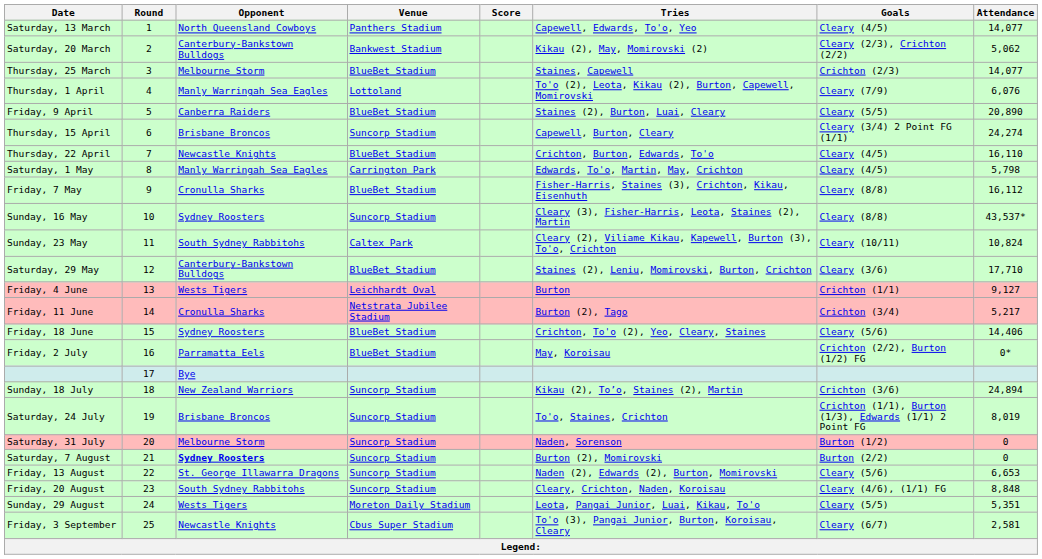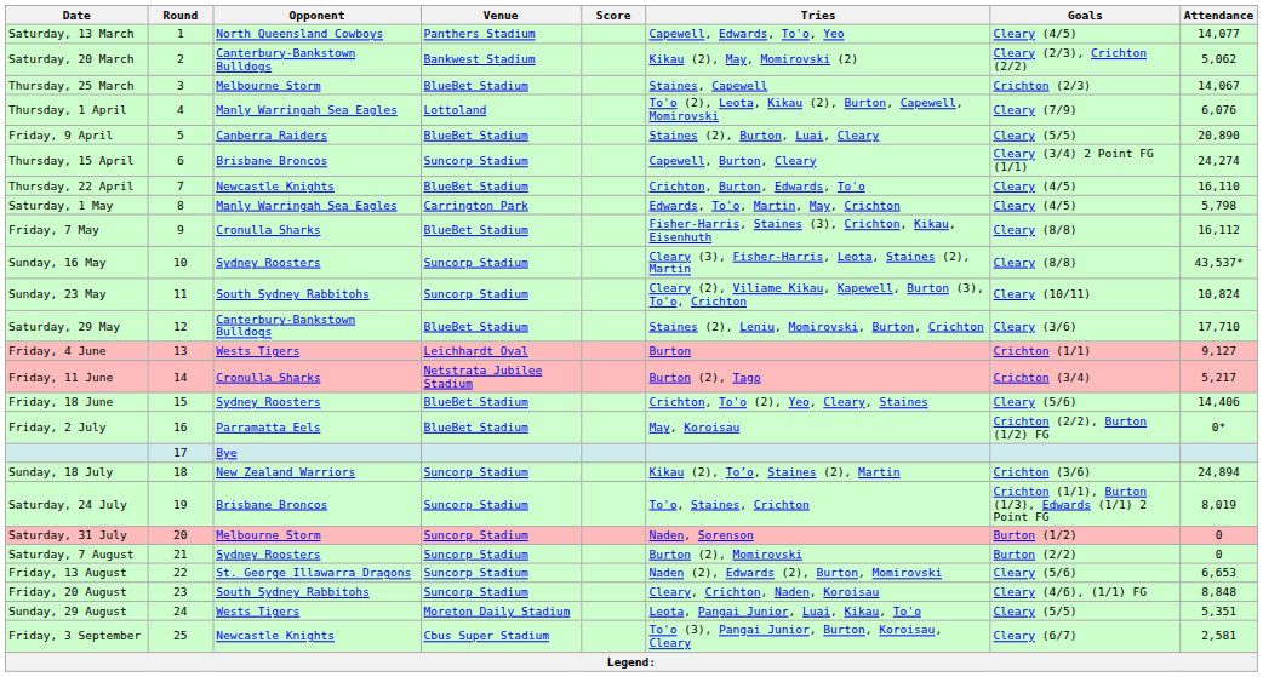 <table class="wikitable" style="font-size:75%;">
 <tr>
 <th style="width:115px;">Date</th>
 <th style="width:50px;">Round</th>
 <th style="width:170px;">Opponent</th>
 <th style="width:130px;">Venue</th>
 <th style="width:50px;">Score</th>
 <th style="width:285px;">Tries</th>
 <th style="width:155px;">Goals</th>
 <th style="width:60px;">Attendance</th>
 </tr>
 <tr style="background:#CCFFCC">
 <td>Saturday, 13 March</td>
 <td style="text-align:center;">1</td>
 <td> <a href='#'>North Queensland Cowboys</a></td>
 <td><a href='#'>Panthers Stadium</a></td>
 <td style="text-align:center;"></td>
 <td><a href='#'>Capewell</a>, <a href='#'>Edwards</a>, <a href='#'>To'o</a>, <a href='#'>Yeo</a></td>
 <td><a href='#'>Cleary</a> (4/5)</td>
 <td style="text-align:center;">14,077</td>
 </tr>
 <tr style="background:#CCFFCC">
 <td>Saturday, 20 March</td>
 <td style="text-align:center;">2</td>
 <td> <a href='#'>Canterbury-Bankstown Bulldogs</a></td>
 <td><a href='#'>Bankwest Stadium</a></td>
 <td style="text-align:center;"></td>
 <td><a href='#'>Kikau</a> (2), <a href='#'>May</a>, <a href='#'>Momirovski</a> (2)</td>
 <td><a href='#'>Cleary</a> (2/3), <a href='#'>Crichton</a> (2/2)</td>
 <td style="text-align:center;">5,062</td>
 </tr>
 <tr style="background:#CCFFCC">
 <td>Thursday, 25 March</td>
 <td style="text-align:center;">3</td>
 <td> <a href='#'>Melbourne Storm</a></td>
 <td><a href='#'>BlueBet Stadium</a></td>
 <td style="text-align:center;"></td>
 <td><a href='#'>Staines</a>, <a href='#'>Capewell</a></td>
 <td><a href='#'>Crichton</a> (2/3)</td>
-<td style="text-align:center;">14,077</td>
+<td style="text-align:center;">14,067</td>
 </tr>
 <tr style="background:#CCFFCC">
 <td>Thursday, 1 April</td>
 <td style="text-align:center;">4</td>
 <td> <a href='#'>Manly Warringah Sea Eagles</a></td>
 <td><a href='#'>Lottoland</a></td>
 <td style="text-align:center;"></td>
 <td><a href='#'>To'o</a> (2), <a href='#'>Leota</a>, <a href='#'>Kikau</a> (2), <a href='#'>Burton</a>, <a href='#'>Capewell</a>, <a href='#'>Momirovski</a></td>
 <td><a href='#'>Cleary</a> (7/9)</td>
 <td style="text-align:center;">6,076</td>
 </tr>
 <tr style="background:#CCFFCC">
 <td>Friday, 9 April</td>
 <td style="text-align:center;">5</td>
 <td> <a href='#'>Canberra Raiders</a></td>
 <td><a href='#'>BlueBet Stadium</a></td>
 <td style="text-align:center;"></td>
 <td><a href='#'>Staines</a> (2), <a href='#'>Burton</a>, <a href='#'>Luai</a>, <a href='#'>Cleary</a></td>
 <td><a href='#'>Cleary</a> (5/5)</td>
 <td style="text-align:center;">20,890</td>
 </tr>
 <tr style="background:#CCFFCC">
 <td>Thursday, 15 April</td>
 <td style="text-align:center;">6</td>
 <td> <a href='#'>Brisbane Broncos</a></td>
 <td><a href='#'>Suncorp Stadium</a></td>
 <td style="text-align:center;"></td>
 <td><a href='#'>Capewell</a>, <a href='#'>Burton</a>, <a href='#'>Cleary</a></td>
 <td><a href='#'>Cleary</a> (3/4) 2 Point FG (1/1)</td>
 <td style="text-align:center;">24,274</td>
 </tr>
 <tr style="background:#CCFFCC">
 <td>Thursday, 22 April</td>
 <td style="text-align:center;">7</td>
 <td> <a href='#'>Newcastle Knights</a></td>
 <td><a href='#'>BlueBet Stadium</a></td>
 <td style="text-align:center;"></td>
 <td><a href='#'>Crichton</a>, <a href='#'>Burton</a>, <a href='#'>Edwards</a>, <a href='#'>To'o</a></td>
 <td><a href='#'>Cleary</a> (4/5)</td>
 <td style="text-align:center;">16,110</td>
 </tr>
 <tr style="background:#CCFFCC">
 <td>Saturday, 1 May</td>
 <td style="text-align:center;">8</td>
 <td> <a href='#'>Manly Warringah Sea Eagles</a></td>
 <td><a href='#'>Carrington Park</a></td>
 <td style="text-align:center;"></td>
 <td><a href='#'>Edwards</a>, <a href='#'>To'o</a>, <a href='#'>Martin</a>, <a href='#'>May</a>, <a href='#'>Crichton</a></td>
 <td><a href='#'>Cleary</a> (4/5)</td>
 <td style="text-align:center;">5,798</td>
 </tr>
 <tr style="background:#CCFFCC">
 <td>Friday, 7 May</td>
 <td style="text-align:center;">9</td>
 <td> <a href='#'>Cronulla Sharks</a></td>
 <td><a href='#'>BlueBet Stadium</a></td>
 <td style="text-align:center;"></td>
 <td><a href='#'>Fisher-Harris</a>, <a href='#'>Staines</a> (3), <a href='#'>Crichton</a>, <a href='#'>Kikau</a>, <a href='#'>Eisenhuth</a></td>
 <td><a href='#'>Cleary</a> (8/8)</td>
 <td style="text-align:center;">16,112</td>
 </tr>
 <tr style="background:#CCFFCC">
 <td>Sunday, 16 May</td>
 <td style="text-align:center;">10</td>
 <td> <a href='#'>Sydney Roosters</a></td>
 <td><a href='#'>Suncorp Stadium</a></td>
 <td style="text-align:center;"></td>
 <td><a href='#'>Cleary</a> (3), <a href='#'>Fisher-Harris</a>, <a href='#'>Leota</a>, <a href='#'>Staines</a> (2), <a href='#'>Martin</a></td>
 <td><a href='#'>Cleary</a> (8/8)</td>
 <td style="text-align:center;">43,537*</td>
 </tr>
 <tr style="background:#CCFFCC">
 <td>Sunday, 23 May</td>
 <td style="text-align:center;">11</td>
 <td> <a href='#'>South Sydney Rabbitohs</a></td>
-<td><a href='#'>Caltex Park</a></td>
+<td><a href='#'>Suncorp Stadium</a></td>
 <td style="text-align:center;"></td>
 <td><a href='#'>Cleary</a> (2), <a href='#'>Viliame Kikau</a>, <a href='#'>Kapewell</a>, <a href='#'>Burton</a> (3), <a href='#'>To'o</a>, <a href='#'>Crichton</a></td>
 <td><a href='#'>Cleary</a> (10/11)</td>
 <td style="text-align:center;">10,824</td>
 </tr>
 <tr style="background:#CCFFCC">
 <td>Saturday, 29 May</td>
 <td style="text-align:center;">12</td>
 <td> <a href='#'>Canterbury-Bankstown Bulldogs</a></td>
 <td><a href='#'>BlueBet Stadium</a></td>
 <td style="text-align:center;"></td>
 <td><a href='#'>Staines</a> (2), <a href='#'>Leniu</a>, <a href='#'>Momirovski</a>, <a href='#'>Burton</a>, <a href='#'>Crichton</a></td>
 <td><a href='#'>Cleary</a> (3/6)</td>
 <td style="text-align:center;">17,710</td>
 </tr>
 <tr style="background:#FFBBBB">
 <td>Friday, 4 June</td>
 <td style="text-align:center;">13</td>
 <td> <a href='#'>Wests Tigers</a></td>
 <td><a href='#'>Leichhardt Oval</a></td>
 <td style="text-align:center;"></td>
 <td><a href='#'>Burton</a></td>
 <td><a href='#'>Crichton</a> (1/1)</td>
 <td style="text-align:center;">9,127</td>
 </tr>
 <tr style="background:#FFBBBB">
 <td>Friday, 11 June</td>
 <td style="text-align:center;">14</td>
 <td> <a href='#'>Cronulla Sharks</a></td>
 <td><a href='#'>Netstrata Jubilee Stadium</a></td>
 <td style="text-align:center;"></td>
 <td><a href='#'>Burton</a> (2), <a href='#'>Tago</a></td>
 <td><a href='#'>Crichton</a> (3/4)</td>
 <td style="text-align:center;">5,217</td>
 </tr>
 <tr style="background:#CCFFCC">
 <td>Friday, 18 June</td>
 <td style="text-align:center;">15</td>
 <td> <a href='#'>Sydney Roosters</a></td>
 <td><a href='#'>BlueBet Stadium</a></td>
 <td style="text-align:center;"></td>
 <td><a href='#'>Crichton</a>, <a href='#'>To'o</a> (2), <a href='#'>Yeo</a>, <a href='#'>Cleary</a>, <a href='#'>Staines</a></td>
 <td><a href='#'>Cleary</a> (5/6)</td>
 <td style="text-align:center;">14,406</td>
 </tr>
 <tr style="background:#CCFFCC">
 <td>Friday, 2 July</td>
 <td style="text-align:center;">16</td>
 <td> <a href='#'>Parramatta Eels</a></td>
 <td><a href='#'>BlueBet Stadium</a></td>
 <td style="text-align:center;"></td>
 <td><a href='#'>May</a>, <a href='#'>Koroisau</a></td>
 <td><a href='#'>Crichton</a> (2/2), <a href='#'>Burton</a> (1/2) FG</td>
 <td style="text-align:center;">0*</td>
 </tr>
 <tr bgcolor= #CFECEC>
 <td></td>
 <td style="text-align:center;">17</td>
 <td><a href='#'>Bye</a></td>
 <td></td>
 <td></td>
 <td></td>
 <td></td>
 <td></td>
 </tr>
 <tr style="background:#CCFFCC">
 <td>Sunday, 18 July</td>
 <td style="text-align:center;">18</td>
 <td> <a href='#'>New Zealand Warriors</a></td>
 <td><a href='#'>Suncorp Stadium</a></td>
 <td style="text-align:center;"></td>
 <td><a href='#'>Kikau</a> (2), <a href='#'>To’o</a>, <a href='#'>Staines</a> (2), <a href='#'>Martin</a></td>
 <td><a href='#'>Crichton</a> (3/6)</td>
 <td style="text-align:center;">24,894</td>
 </tr>
 <tr style="background:#CCFFCC">
 <td>Saturday, 24 July</td>
 <td style="text-align:center;">19</td>
 <td> <a href='#'>Brisbane Broncos</a></td>
 <td><a href='#'>Suncorp Stadium</a></td>
 <td style="text-align:center;"></td>
 <td><a href='#'>To'o</a>, <a href='#'>Staines</a>, <a href='#'>Crichton</a></td>
 <td><a href='#'>Crichton</a> (1/1), <a href='#'>Burton</a> (1/3), <a href='#'>Edwards</a> (1/1) 2 Point FG</td>
 <td style="text-align:center;">8,019</td>
 </tr>
 <tr style="background:#FFBBBB">
 <td>Saturday, 31 July</td>
 <td style="text-align:center;">20</td>
 <td> <a href='#'>Melbourne Storm</a></td>
 <td><a href='#'>Suncorp Stadium</a></td>
 <td style="text-align:center;"></td>
 <td><a href='#'>Naden</a>, <a href='#'>Sorenson</a></td>
 <td><a href='#'>Burton</a> (1/2)</td>
 <td style="text-align:center;">0</td>
 </tr>
 <tr style="background:#CCFFCC">
 <td>Saturday, 7 August</td>
 <td style="text-align:center;">21</td>
-<td><strong> <a href='#'>Sydney Roosters</a></strong></td>
+<td> <a href='#'>Sydney Roosters</a></td>
 <td><a href='#'>Suncorp Stadium</a></td>
 <td style="text-align:center;"></td>
 <td><a href='#'>Burton</a> (2), <a href='#'>Momirovski</a></td>
 <td><a href='#'>Burton</a> (2/2)</td>
 <td style="text-align:center;">0</td>
 </tr>
 <tr style="background:#CCFFCC">
 <td>Friday, 13 August</td>
 <td style="text-align:center;">22</td>
 <td> <a href='#'>St. George Illawarra Dragons</a></td>
 <td><a href='#'>Suncorp Stadium</a></td>
 <td style="text-align:center;"></td>
 <td><a href='#'>Naden</a> (2), <a href='#'>Edwards</a> (2), <a href='#'>Burton</a>, <a href='#'>Momirovski</a></td>
 <td><a href='#'>Cleary</a> (5/6)</td>
 <td style="text-align:center;">6,653</td>
 </tr>
 <tr style="background:#CCFFCC">
 <td>Friday, 20 August</td>
 <td style="text-align:center;">23</td>
 <td> <a href='#'>South Sydney Rabbitohs</a></td>
 <td><a href='#'>Suncorp Stadium</a></td>
 <td style="text-align:center;"></td>
 <td><a href='#'>Cleary</a>, <a href='#'>Crichton</a>, <a href='#'>Naden</a>, <a href='#'>Koroisau</a></td>
 <td><a href='#'>Cleary</a> (4/6), (1/1) FG</td>
 <td style="text-align:center;">8,848</td>
 </tr>
 <tr style="background:#CCFFCC">
 <td>Sunday, 29 August</td>
 <td style="text-align:center;">24</td>
 <td> <a href='#'>Wests Tigers</a></td>
 <td><a href='#'>Moreton Daily Stadium</a></td>
 <td style="text-align:center;"></td>
 <td><a href='#'>Leota</a>, <a href='#'>Pangai Junior</a>, <a href='#'>Luai</a>, <a href='#'>Kikau</a>, <a href='#'>To'o</a></td>
 <td><a href='#'>Cleary</a> (5/5)</td>
 <td style="text-align:center;">5,351</td>
 </tr>
 <tr style="background:#CCFFCC">
 <td>Friday, 3 September</td>
 <td style="text-align:center;">25</td>
 <td> <a href='#'>Newcastle Knights</a></td>
 <td><a href='#'>Cbus Super Stadium</a></td>
 <td style="text-align:center;"></td>
 <td><a href='#'>To'o</a> (3), <a href='#'>Pangai Junior</a>, <a href='#'>Burton</a>, <a href='#'>Koroisau</a>, <a href='#'>Cleary</a></td>
 <td><a href='#'>Cleary</a> (6/7)</td>
 <td style="text-align:center;">2,581</td>
 </tr>
 <tr>
 <th colspan="9"><strong>Legend</strong>:    </th>
 </tr>
 </table>
